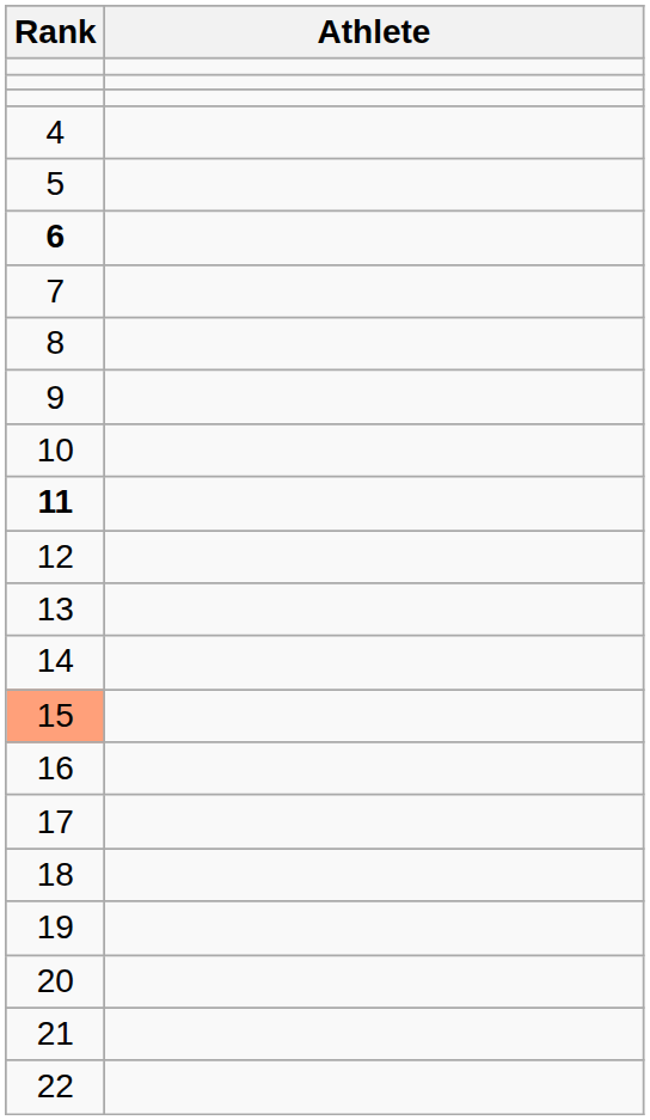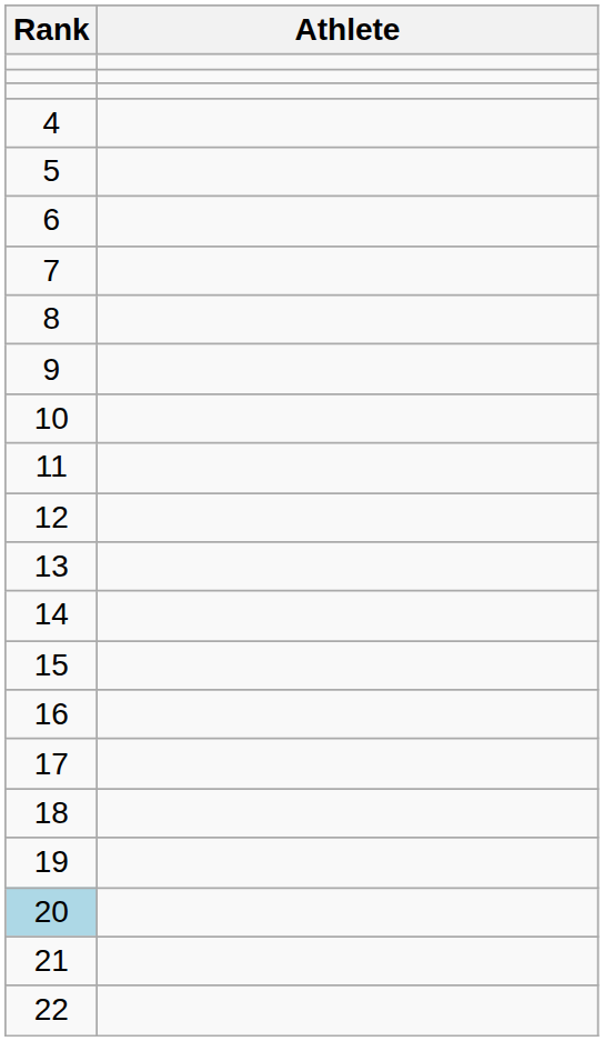 <table class="wikitable" style="text-align: center;">
 <tr>
 <th width=40>Rank</th>
 <th width=250>Athlete</th>
 </tr>
 <tr>
 <td></td>
 <td align="left"></td>
 </tr>
 <tr>
 <td></td>
 <td align="left"></td>
 </tr>
 <tr>
 <td></td>
 <td align="left"></td>
 </tr>
 <tr>
 <td>4</td>
 <td align="left"></td>
 </tr>
 <tr>
 <td>5</td>
 <td align="left"></td>
 </tr>
 <tr>
-<td><strong>6</strong></td>
+<td>6</td>
 <td align="left"></td>
 </tr>
 <tr>
 <td>7</td>
 <td align="left"></td>
 </tr>
 <tr>
 <td>8</td>
 <td align="left"></td>
 </tr>
 <tr>
 <td>9</td>
 <td align="left"></td>
 </tr>
 <tr>
 <td>10</td>
 <td align="left"></td>
 </tr>
 <tr>
-<td><strong>11</strong></td>
+<td>11</td>
 <td align="left"></td>
 </tr>
 <tr>
 <td>12</td>
 <td align="left"></td>
 </tr>
 <tr>
 <td>13</td>
 <td align="left"></td>
 </tr>
 <tr>
 <td>14</td>
 <td align="left"></td>
 </tr>
 <tr>
-<td style="background: lightsalmon;">15</td>
+<td>15</td>
 <td align="left"></td>
 </tr>
 <tr>
 <td>16</td>
 <td align="left"></td>
 </tr>
 <tr>
 <td>17</td>
 <td align="left"></td>
 </tr>
 <tr>
 <td>18</td>
 <td align="left"></td>
 </tr>
 <tr>
 <td>19</td>
 <td align="left"></td>
 </tr>
 <tr>
-<td>20</td>
+<td style="background: lightblue;">20</td>
 <td align="left"></td>
 </tr>
 <tr>
 <td>21</td>
 <td align="left"></td>
 </tr>
 <tr>
 <td>22</td>
 <td align="left"></td>
 </tr>
 </table>
